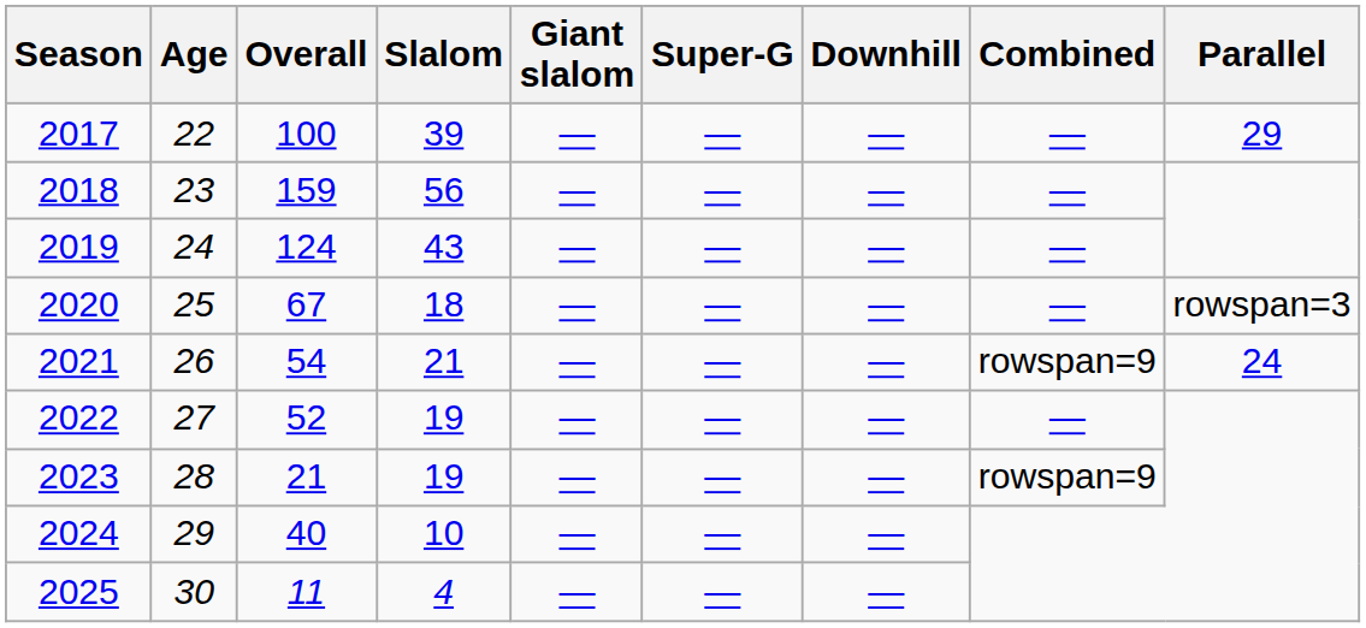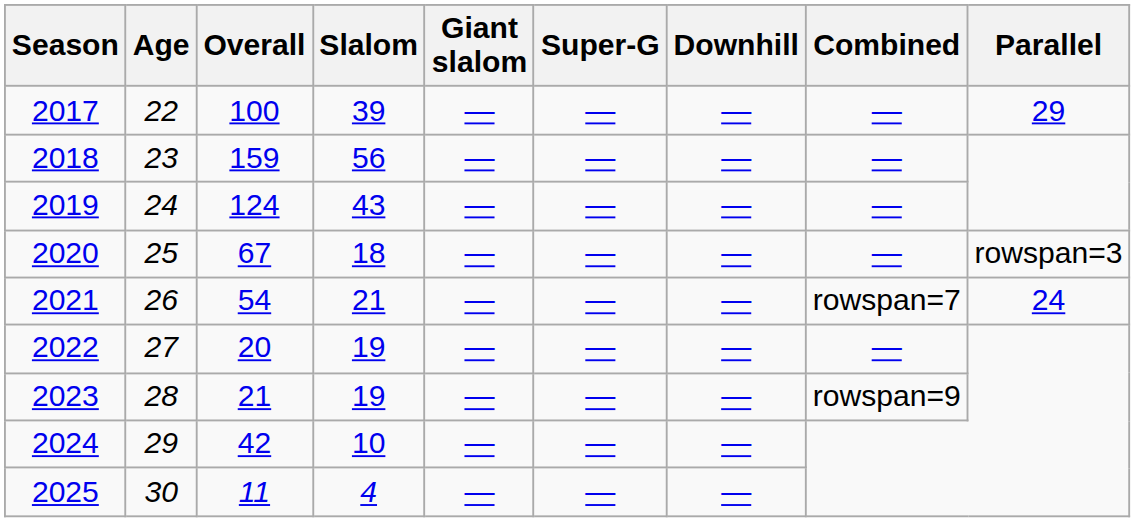 <table class=wikitable style="text-align:center">
 <tr>
 <th>Season</th>
 <th>Age</th>
 <th>Overall</th>
 <th>Slalom</th>
 <th>Giant<br>slalom</th>
 <th>Super-G</th>
 <th>Downhill</th>
 <th>Combined</th>
 <th>Parallel</th>
 </tr>
 <tr>
 <td><a href='#'>2017</a></td>
 <td><em>22</em></td>
 <td><a href='#'>100</a></td>
 <td><a href='#'>39</a></td>
 <td><a href='#'>—</a></td>
 <td><a href='#'>—</a></td>
 <td><a href='#'>—</a></td>
 <td><a href='#'>—</a></td>
 <td><a href='#'>29</a></td>
 </tr>
 <tr>
 <td><a href='#'>2018</a></td>
 <td><em>23</em></td>
 <td><a href='#'>159</a></td>
 <td><a href='#'>56</a></td>
 <td><a href='#'>—</a></td>
 <td><a href='#'>—</a></td>
 <td><a href='#'>—</a></td>
 <td><a href='#'>—</a></td>
 </tr>
 <tr>
 <td><a href='#'>2019</a></td>
 <td><em>24</em></td>
 <td><a href='#'>124</a></td>
 <td><a href='#'>43</a></td>
 <td><a href='#'>—</a></td>
 <td><a href='#'>—</a></td>
 <td><a href='#'>—</a></td>
 <td><a href='#'>—</a></td>
 </tr>
 <tr>
 <td><a href='#'>2020</a></td>
 <td><em>25</em></td>
 <td><a href='#'>67</a></td>
 <td><a href='#'>18</a></td>
 <td><a href='#'>—</a></td>
 <td><a href='#'>—</a></td>
 <td><a href='#'>—</a></td>
 <td><a href='#'>—</a></td>
 <td>rowspan=3 </td>
 </tr>
 <tr>
 <td><a href='#'>2021</a></td>
 <td><em>26</em></td>
 <td><a href='#'>54</a></td>
 <td><a href='#'>21</a></td>
 <td><a href='#'>—</a></td>
 <td><a href='#'>—</a></td>
 <td><a href='#'>—</a></td>
-<td>rowspan=9 </td>
+<td>rowspan=7</td>
 <td><a href='#'>24</a></td>
 </tr>
 <tr>
 <td><a href='#'>2022</a></td>
 <td><em>27</em></td>
-<td><a href='#'>52</a></td>
+<td><a href='#'>20</a></td>
 <td><a href='#'>19</a></td>
 <td><a href='#'>—</a></td>
 <td><a href='#'>—</a></td>
 <td><a href='#'>—</a></td>
 <td><a href='#'>—</a></td>
 </tr>
 <tr>
 <td><a href='#'>2023</a></td>
 <td><em>28</em></td>
 <td><a href='#'>21</a></td>
 <td><a href='#'>19</a></td>
 <td><a href='#'>—</a></td>
 <td><a href='#'>—</a></td>
 <td><a href='#'>—</a></td>
 <td>rowspan=9 </td>
 </tr>
 <tr>
 <td><a href='#'>2024</a></td>
 <td><em>29</em></td>
-<td><a href='#'>40</a></td>
+<td><a href='#'>42</a></td>
 <td><a href='#'>10</a></td>
 <td><a href='#'>—</a></td>
 <td><a href='#'>—</a></td>
 <td><a href='#'>—</a></td>
 </tr>
 <tr>
 <td><a href='#'>2025</a></td>
 <td><em>30</em></td>
 <td><a href='#'><em>11</em></a></td>
 <td><a href='#'><em>4</em></a></td>
 <td><a href='#'>—</a></td>
 <td><a href='#'>—</a></td>
 <td><a href='#'>—</a></td>
 </tr>
 </table>
